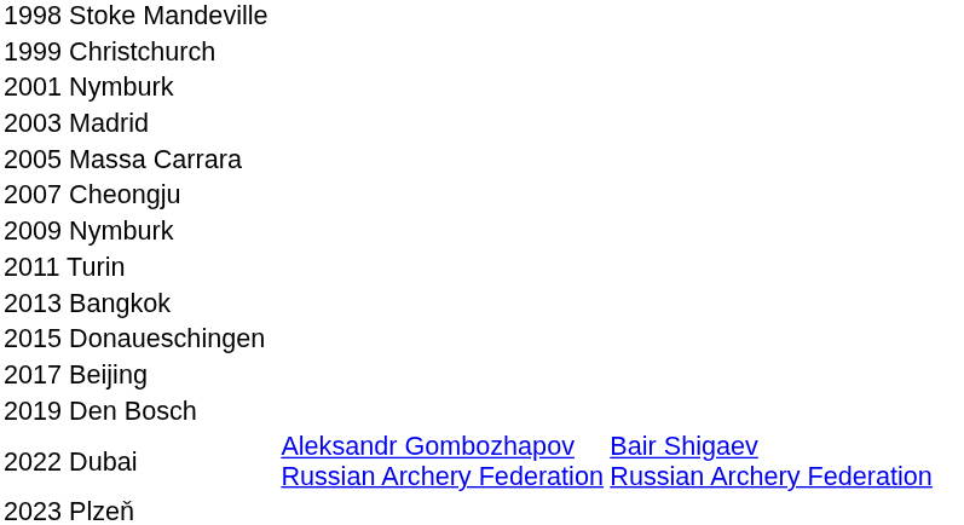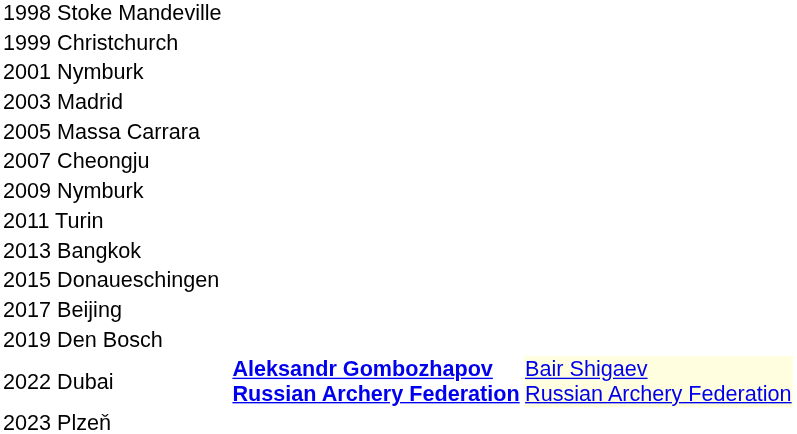 <table>
 <tr>
 <td>1998 Stoke Mandeville</td>
 <td></td>
 <td></td>
 <td></td>
 </tr>
 <tr>
 <td>1999 Christchurch</td>
 <td></td>
 <td></td>
 <td></td>
 </tr>
 <tr>
 <td>2001 Nymburk</td>
 <td></td>
 <td></td>
 <td></td>
 </tr>
 <tr>
 <td>2003 Madrid</td>
 <td></td>
 <td></td>
 <td></td>
 </tr>
 <tr>
 <td>2005 Massa Carrara</td>
 <td></td>
 <td></td>
 <td></td>
 </tr>
 <tr>
 <td>2007 Cheongju</td>
 <td></td>
 <td></td>
 <td></td>
 </tr>
 <tr>
 <td>2009 Nymburk</td>
 <td></td>
 <td></td>
 <td></td>
 </tr>
 <tr>
 <td>2011 Turin</td>
 <td></td>
 <td></td>
 <td></td>
 </tr>
 <tr>
 <td>2013 Bangkok</td>
 <td></td>
 <td></td>
 <td></td>
 </tr>
 <tr>
 <td>2015 Donaueschingen</td>
 <td></td>
 <td></td>
 <td></td>
 </tr>
 <tr>
 <td>2017 Beijing</td>
 <td></td>
 <td></td>
 <td></td>
 </tr>
 <tr>
 <td>2019 Den Bosch</td>
 <td></td>
 <td></td>
 <td></td>
 </tr>
 <tr>
 <td>2022 Dubai</td>
 <td></td>
-<td><a href='#'>Aleksandr Gombozhapov</a><br><a href='#'>Russian Archery Federation</a></td>
-<td><a href='#'>Bair Shigaev</a><br><a href='#'>Russian Archery Federation</a></td>
+<td><strong><a href='#'>Aleksandr Gombozhapov</a><br><a href='#'>Russian Archery Federation</a></strong></td>
+<td style="background: lightyellow;"><a href='#'>Bair Shigaev</a><br><a href='#'>Russian Archery Federation</a></td>
 </tr>
 <tr>
 <td>2023 Plzeň</td>
 <td></td>
 <td></td>
 <td></td>
 </tr>
 </table>
